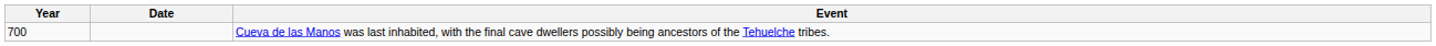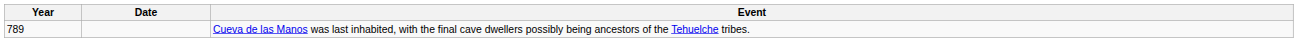 <table class="wikitable" width="100%">
 <tr>
 <th style="width:6%">Year</th>
 <th style="width:10%">Date</th>
 <th>Event</th>
 </tr>
 <tr>
-<td>700</td>
+<td>789</td>
 <td></td>
 <td><a href='#'>Cueva de las Manos</a> was last inhabited, with the final cave dwellers possibly being ancestors of the <a href='#'>Tehuelche</a> tribes.</td>
 </tr>
 </table>
